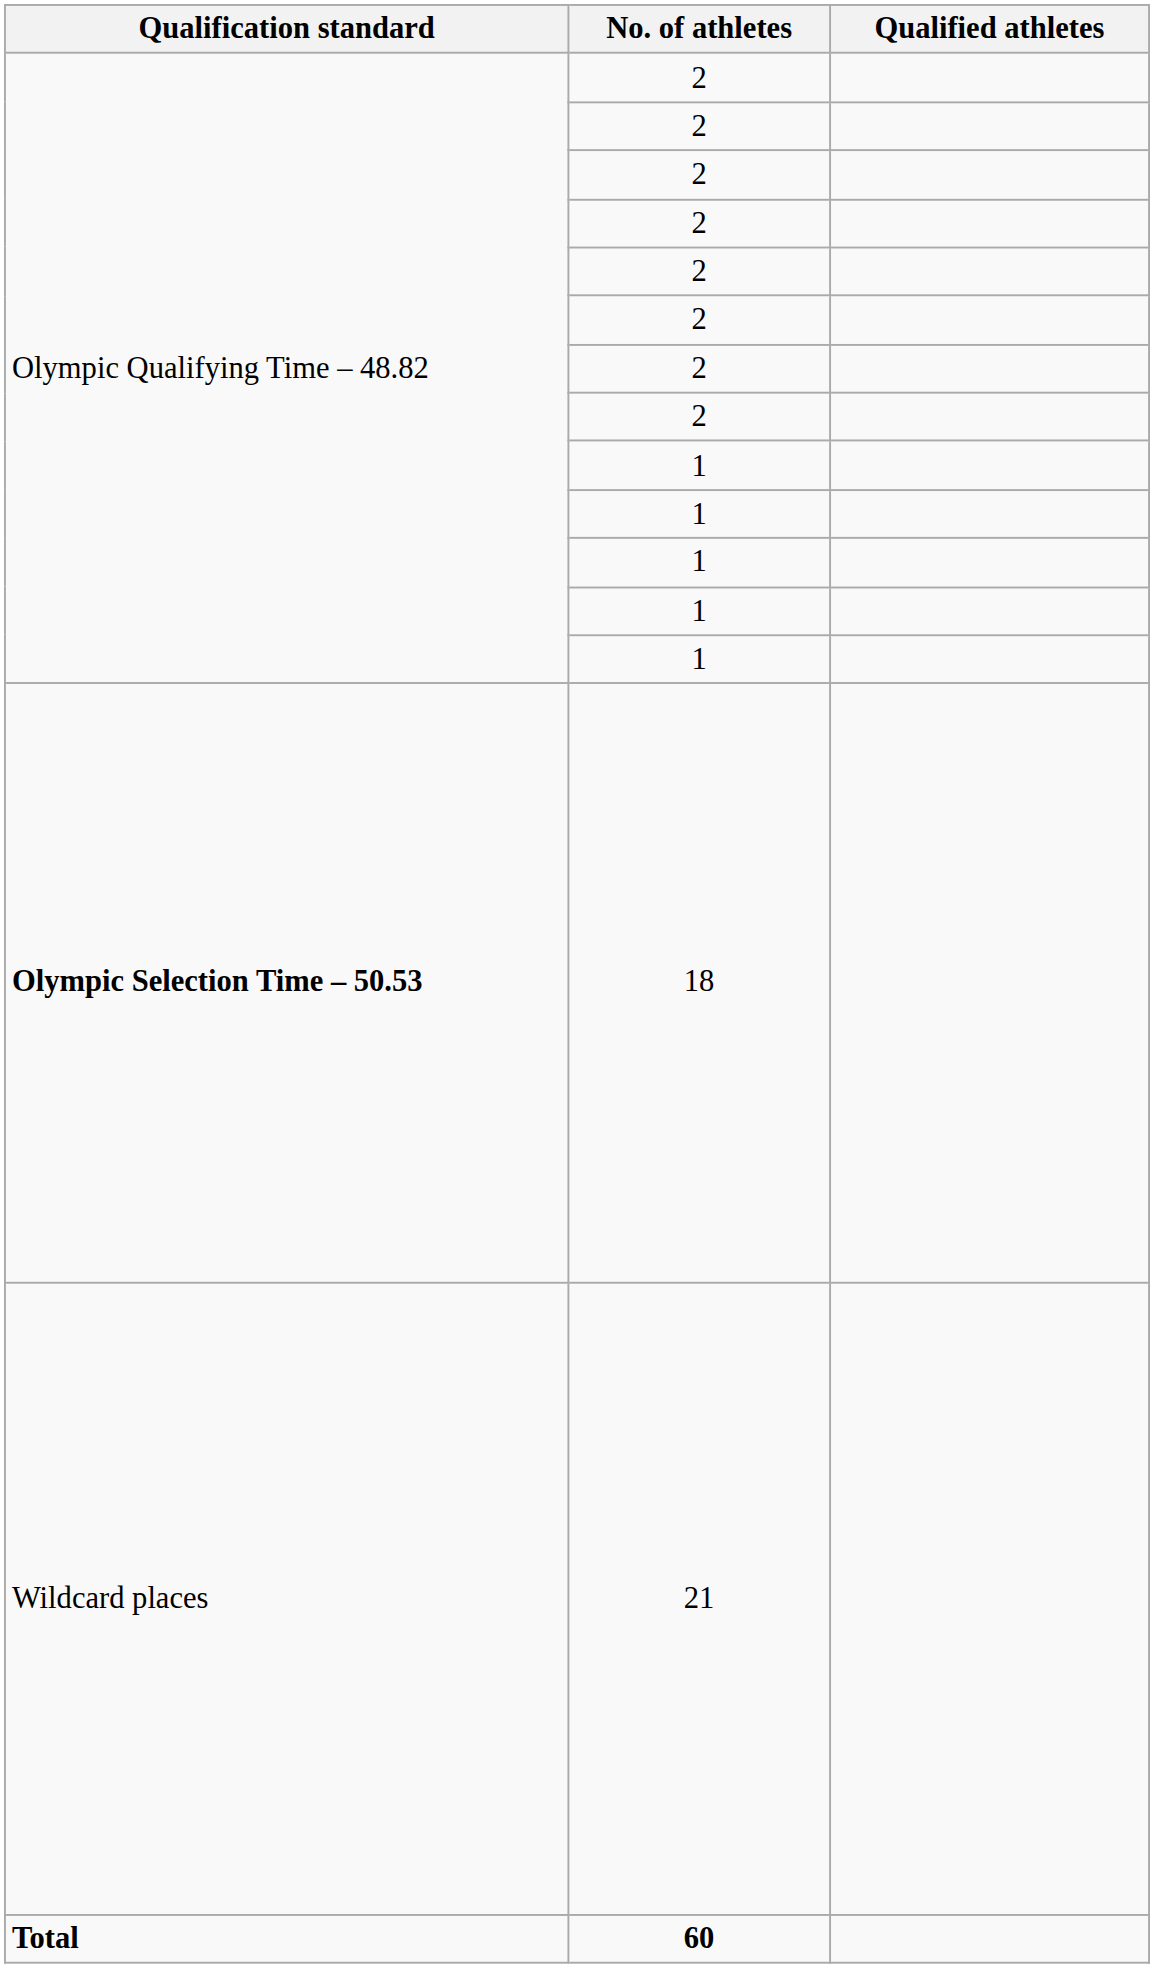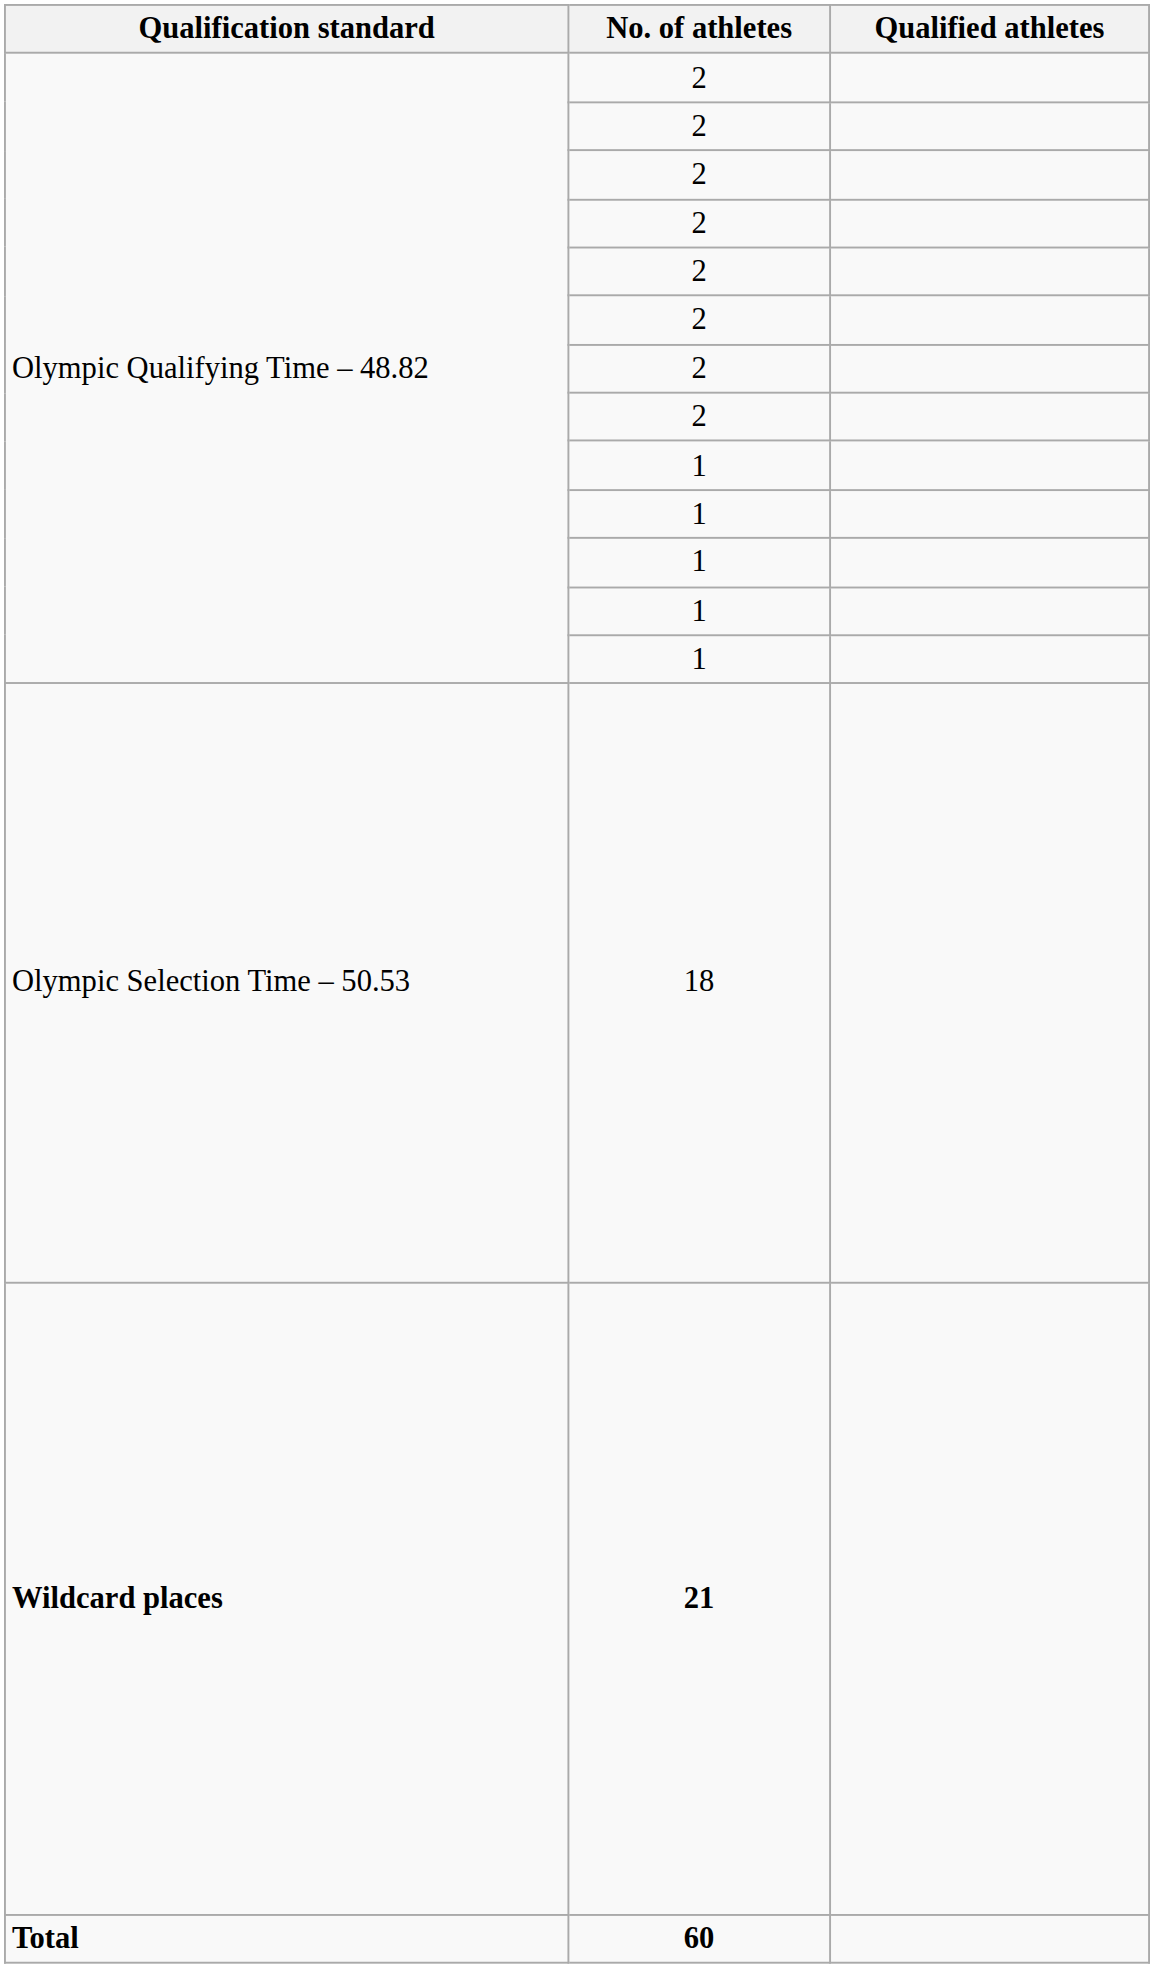 <table class=wikitable style="text-align:left" width=600>
 <tr>
 <th>Qualification standard</th>
 <th>No. of athletes</th>
 <th>Qualified athletes</th>
 </tr>
 <tr>
 <td rowspan="13">Olympic Qualifying Time – 48.82</td>
 <td align=center>2</td>
 <td><br></td>
 </tr>
 <tr>
 <td align=center>2</td>
 <td><br></td>
 </tr>
 <tr>
 <td align=center>2</td>
 <td><br></td>
 </tr>
 <tr>
 <td align=center>2</td>
 <td><br></td>
 </tr>
 <tr>
 <td align=center>2</td>
 <td><br></td>
 </tr>
 <tr>
 <td align=center>2</td>
 <td><br></td>
 </tr>
 <tr>
 <td align=center>2</td>
 <td><br></td>
 </tr>
 <tr>
 <td align=center>2</td>
 <td><br></td>
 </tr>
 <tr>
 <td align=center>1</td>
 <td></td>
 </tr>
 <tr>
 <td align=center>1</td>
 <td></td>
 </tr>
 <tr>
 <td align=center>1</td>
 <td></td>
 </tr>
 <tr>
 <td align=center>1</td>
 <td></td>
 </tr>
 <tr>
 <td align=center>1</td>
 <td></td>
 </tr>
 <tr>
-<td rowspan="1"><strong>Olympic Selection Time – 50.53</strong></td>
+<td rowspan="1">Olympic Selection Time – 50.53</td>
 <td align=center>18</td>
 <td><br> <br><br> <br><br>  <br>  <br>  <br>  <br>  <br><br>   <br> <br><br><br> <br> <br></td>
 </tr>
 <tr>
-<td rowspan="1">Wildcard places</td>
-<td align=center>21</td>
+<td rowspan="1"><strong>Wildcard places</strong></td>
+<td align=center><strong>21</strong></td>
 <td><br><br><br><br><br><br><br><br><br><br><br><br><br><br><br><br><br><br></td>
 </tr>
 <tr>
 <td><strong>Total</strong></td>
 <td align=center><strong>60</strong></td>
 <td></td>
 </tr>
 </table>
